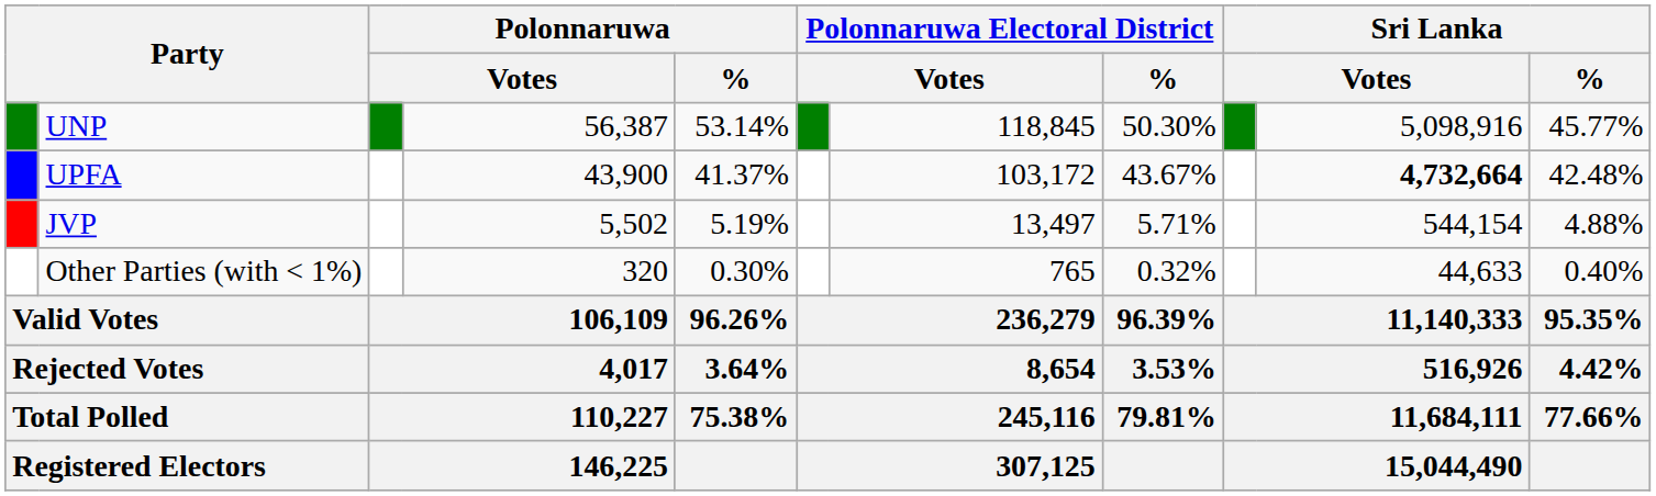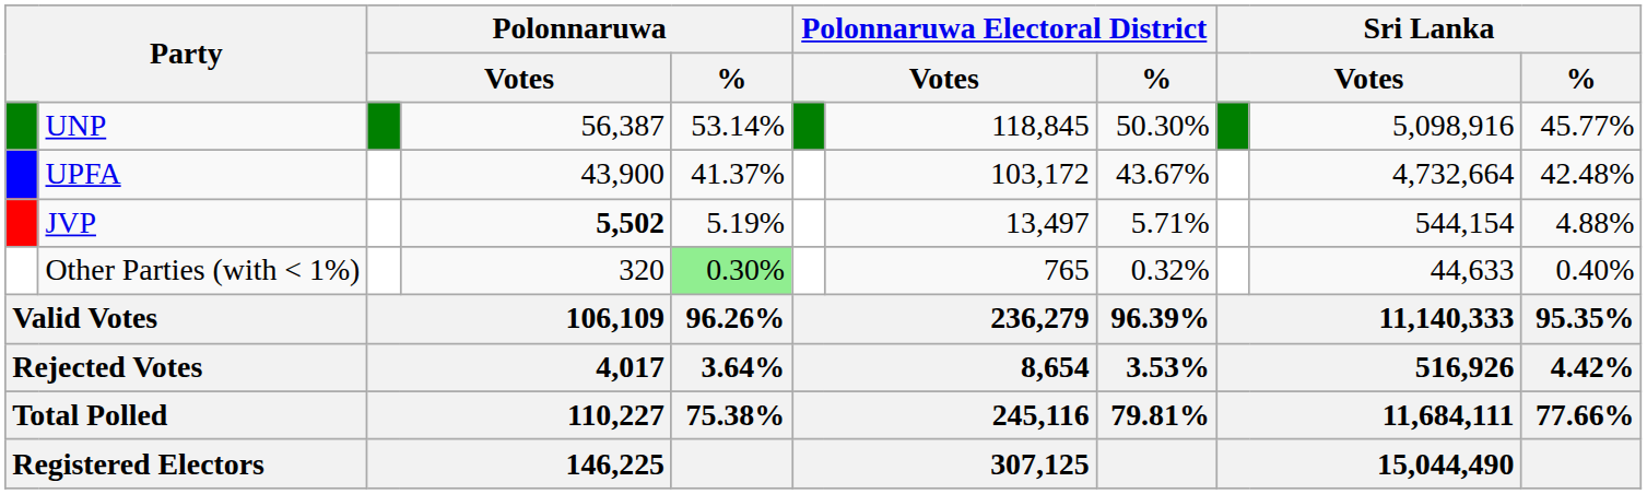 <table class="wikitable">
 <tr>
 <th colspan="2" width="144px"rowspan="2">Party</th>
 <th colspan="3" width="216px">Polonnaruwa</th>
 <th colspan="3" width="216px"><a href='#'>Polonnaruwa Electoral District</a></th>
 <th colspan="3" width="216px">Sri Lanka</th>
 </tr>
 <tr>
 <th colspan="2" width="144px">Votes</th>
 <th>%</th>
 <th colspan="2" width="144px">Votes</th>
 <th>%</th>
 <th colspan="2" width="144px">Votes</th>
 <th>%</th>
 </tr>
 <tr>
 <td style="background-color:green;" width="10px"></td>
 <td style="text-align:left;"><a href='#'>UNP</a></td>
 <td style="background-color:green;" width="10px"></td>
 <td style="text-align:right;">56,387</td>
 <td style="text-align:right;">53.14%</td>
 <td style="background-color:green;" width="10px"></td>
 <td style="text-align:right;">118,845</td>
 <td style="text-align:right;">50.30%</td>
 <td style="background-color:green;" width="10px"></td>
 <td style="text-align:right;">5,098,916</td>
 <td style="text-align:right;">45.77%</td>
 </tr>
 <tr>
 <td style="background-color:blue;" width="10px"></td>
 <td style="text-align:left;"><a href='#'>UPFA</a></td>
 <td style="background-color:white;" width="10px"></td>
 <td style="text-align:right;">43,900</td>
 <td style="text-align:right;">41.37%</td>
 <td style="background-color:white;" width="10px"></td>
 <td style="text-align:right;">103,172</td>
 <td style="text-align:right;">43.67%</td>
 <td style="background-color:white;" width="10px"></td>
-<td style="text-align:right;"><strong>4,732,664</strong></td>
+<td style="text-align:right;">4,732,664</td>
 <td style="text-align:right;">42.48%</td>
 </tr>
 <tr>
 <td style="background-color:red;" width="10px"></td>
 <td style="text-align:left;"><a href='#'>JVP</a></td>
 <td style="background-color:white;" width="10px"></td>
-<td style="text-align:right;">5,502</td>
+<td style="text-align:right;"><strong>5,502</strong></td>
 <td style="text-align:right;">5.19%</td>
 <td style="background-color:white;" width="10px"></td>
 <td style="text-align:right;">13,497</td>
 <td style="text-align:right;">5.71%</td>
 <td style="background-color:white;" width="10px"></td>
 <td style="text-align:right;">544,154</td>
 <td style="text-align:right;">4.88%</td>
 </tr>
 <tr>
 <td style="background-color:white;" width="10px"></td>
 <td style="text-align:left;">Other Parties (with < 1%)</td>
 <td style="background-color:white;" width="10px"></td>
 <td style="text-align:right;">320</td>
-<td style="text-align:right;">0.30%</td>
+<td style="background: lightgreen; text-align:right;">0.30%</td>
 <td style="background-color:white;" width="10px"></td>
 <td style="text-align:right;">765</td>
 <td style="text-align:right;">0.32%</td>
 <td style="background-color:white;" width="10px"></td>
 <td style="text-align:right;">44,633</td>
 <td style="text-align:right;">0.40%</td>
 </tr>
 <tr>
 <th colspan="2" width="144px"style="text-align:left;">Valid Votes</th>
 <th style="text-align:right;"colspan="2" width="144px">106,109</th>
 <th style="text-align:right;">96.26%</th>
 <th style="text-align:right;"colspan="2" width="144px">236,279</th>
 <th style="text-align:right;">96.39%</th>
 <th style="text-align:right;"colspan="2" width="144px">11,140,333</th>
 <th style="text-align:right;">95.35%</th>
 </tr>
 <tr>
 <th colspan="2" width="144px"style="text-align:left;">Rejected Votes</th>
 <th style="text-align:right;"colspan="2" width="144px">4,017</th>
 <th style="text-align:right;">3.64%</th>
 <th style="text-align:right;"colspan="2" width="144px">8,654</th>
 <th style="text-align:right;">3.53%</th>
 <th style="text-align:right;"colspan="2" width="144px">516,926</th>
 <th style="text-align:right;">4.42%</th>
 </tr>
 <tr>
 <th colspan="2" width="144px"style="text-align:left;">Total Polled</th>
 <th style="text-align:right;"colspan="2" width="144px">110,227</th>
 <th style="text-align:right;">75.38%</th>
 <th style="text-align:right;"colspan="2" width="144px">245,116</th>
 <th style="text-align:right;">79.81%</th>
 <th style="text-align:right;"colspan="2" width="144px">11,684,111</th>
 <th style="text-align:right;">77.66%</th>
 </tr>
 <tr>
 <th colspan="2" width="144px"style="text-align:left;">Registered Electors</th>
 <th style="text-align:right;"colspan="2" width="144px">146,225</th>
 <th></th>
 <th style="text-align:right;"colspan="2" width="144px">307,125</th>
 <th></th>
 <th style="text-align:right;"colspan="2" width="144px">15,044,490</th>
 <th></th>
 </tr>
 </table>
